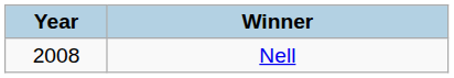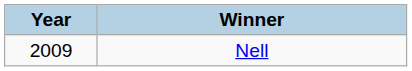 <table class="wikitable" style="text-align: center">
 <tr>
 <th width="70" style="background:#b3d1e3;">Year</th>
 <th width="250" style="background:#b3d1e3;">Winner</th>
 </tr>
 <tr>
-<td>2008</td>
+<td>2009</td>
 <td><a href='#'>Nell</a></td>
 </tr>
 </table>
